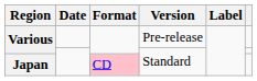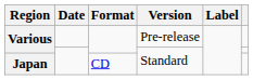 <table class="wikitable plainrowheaders">
 <tr>
 <th scope="col">Region</th>
 <th>Date</th>
 <th>Format</th>
 <th>Version</th>
 <th>Label</th>
 <th></th>
 </tr>
 <tr>
 <th scope="row" rowspan="2">Various</th>
 <td></td>
 <td rowspan="2"></td>
 <td>Pre-release</td>
 <td rowspan="3"></td>
 <td style="text-align:center"></td>
 </tr>
 <tr>
 <td rowspan="2"></td>
 <td rowspan="2">Standard</td>
 <td style="text-align:center"></td>
 </tr>
 <tr>
 <th scope="row">Japan</th>
-<td style="background: pink;"><a href='#'>CD</a></td>
+<td><a href='#'>CD</a></td>
 <td style="text-align:center"></td>
 </tr>
 </table>
